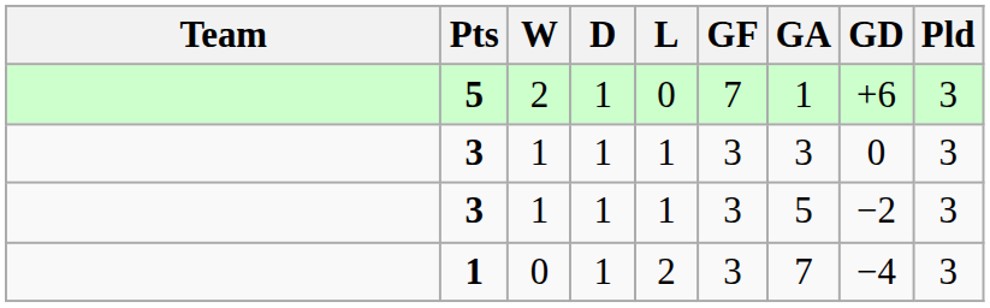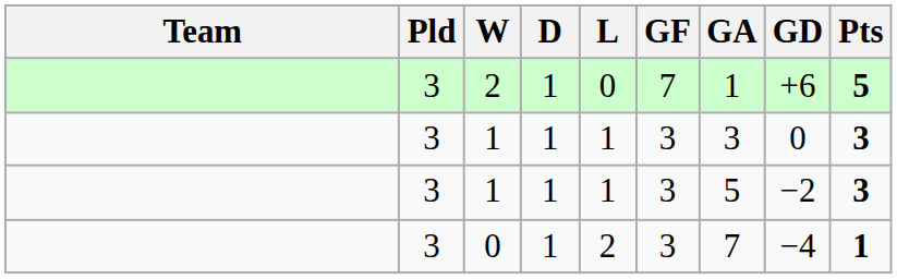 <table class="wikitable" style="text-align:center;">
 <tr>
 <th width=180>Team</th>
-<th width=20>Pts</th>
+<th width=20>Pld</th>
 <th width=20>W</th>
 <th width=20>D</th>
 <th width=20>L</th>
 <th width=20>GF</th>
 <th width=20>GA</th>
 <th width=20>GD</th>
-<th width=20>Pld</th>
+<th width=20>Pts</th>
 </tr>
 <tr bgcolor="ccffcc">
 <td align="left"></td>
-<td><strong>5</strong></td>
+<td>3</td>
 <td>2</td>
 <td>1</td>
 <td>0</td>
 <td>7</td>
 <td>1</td>
 <td>+6</td>
-<td>3</td>
+<td><strong>5</strong></td>
 </tr>
 <tr>
 <td align="left"></td>
-<td><strong>3</strong></td>
+<td>3</td>
 <td>1</td>
 <td>1</td>
 <td>1</td>
 <td>3</td>
 <td>3</td>
 <td>0</td>
-<td>3</td>
+<td><strong>3</strong></td>
 </tr>
 <tr>
 <td align="left"></td>
-<td><strong>3</strong></td>
+<td>3</td>
 <td>1</td>
 <td>1</td>
 <td>1</td>
 <td>3</td>
 <td>5</td>
 <td>−2</td>
-<td>3</td>
+<td><strong>3</strong></td>
 </tr>
 <tr>
 <td align="left"></td>
-<td><strong>1</strong></td>
+<td>3</td>
 <td>0</td>
 <td>1</td>
 <td>2</td>
 <td>3</td>
 <td>7</td>
 <td>−4</td>
-<td>3</td>
+<td><strong>1</strong></td>
 </tr>
 </table>
